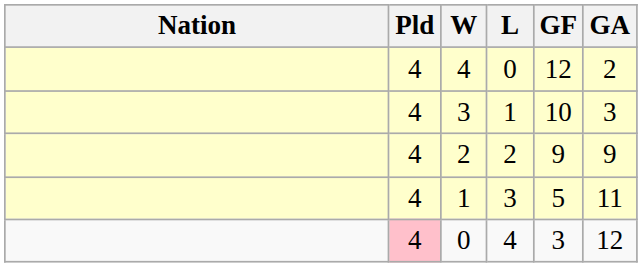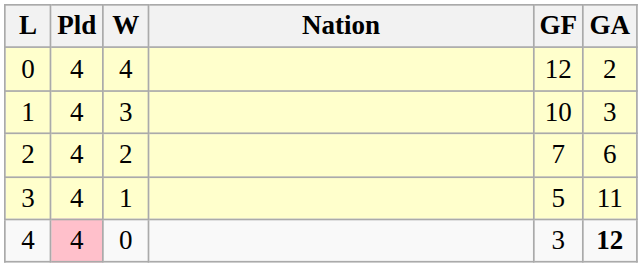 <table class=wikitable style="text-align:center">
 <tr>
-<th width=220>Nation</th>
+<th width=20>L</th>
 <th width=20>Pld</th>
 <th width=20>W</th>
-<th width=20>L</th>
+<th width=220>Nation</th>
 <th width=20>GF</th>
 <th width=20>GA</th>
 </tr>
 <tr bgcolor=#ffffcc>
-<td align=left></td>
+<td>0</td>
 <td>4</td>
 <td>4</td>
-<td>0</td>
+<td align=left></td>
 <td>12</td>
 <td>2</td>
 </tr>
 <tr bgcolor=#ffffcc>
-<td align=left></td>
+<td>1</td>
 <td>4</td>
 <td>3</td>
-<td>1</td>
+<td align=left></td>
 <td>10</td>
 <td>3</td>
 </tr>
 <tr bgcolor=#ffffcc>
-<td align=left></td>
+<td>2</td>
 <td>4</td>
 <td>2</td>
-<td>2</td>
-<td>9</td>
-<td>9</td>
+<td align=left></td>
+<td>7</td>
+<td>6</td>
 </tr>
 <tr bgcolor=#ffffcc>
-<td align=left></td>
+<td>3</td>
 <td>4</td>
 <td>1</td>
-<td>3</td>
+<td align=left></td>
 <td>5</td>
 <td>11</td>
 </tr>
 <tr>
-<td align=left></td>
+<td>4</td>
 <td style="background: pink;">4</td>
 <td>0</td>
-<td>4</td>
+<td align=left></td>
 <td>3</td>
-<td>12</td>
+<td><strong>12</strong></td>
 </tr>
 </table>
